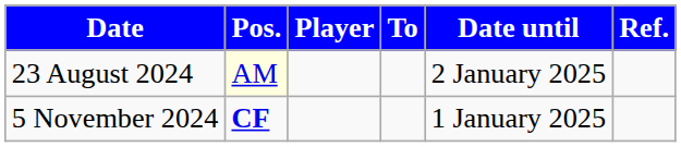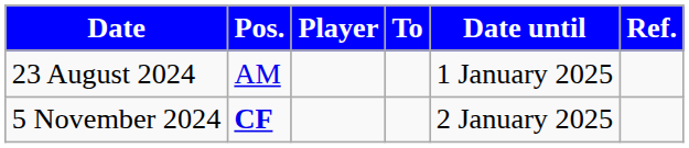 <table class="wikitable plainrowheaders sortable">
 <tr>
 <th style="background:#0000FF; color:#FFFFFF; ">Date</th>
 <th style="background:#0000FF; color:#FFFFFF; ">Pos.</th>
 <th style="background:#0000FF; color:#FFFFFF; ">Player</th>
 <th style="background:#0000FF; color:#FFFFFF; ">To</th>
 <th style="background:#0000FF; color:#FFFFFF; ">Date until</th>
 <th style="background:#0000FF; color:#FFFFFF; ">Ref.</th>
 </tr>
 <tr>
 <td>23 August 2024</td>
-<td style="background: lightyellow;"><a href='#'>AM</a></td>
+<td><a href='#'>AM</a></td>
 <td></td>
 <td></td>
-<td>2 January 2025</td>
+<td>1 January 2025</td>
 <td></td>
 </tr>
 <tr>
 <td>5 November 2024</td>
 <td><strong><a href='#'>CF</a></strong></td>
 <td></td>
 <td></td>
-<td>1 January 2025</td>
+<td>2 January 2025</td>
 <td></td>
 </tr>
 </table>
